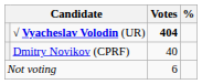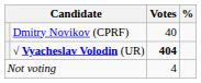 <table class=wikitable>
 <tr>
 <th colspan=2>Candidate</th>
 <th>Votes</th>
 <th>%</th>
 </tr>
 <tr>
 <th style="background-color:"></th>
+<td><a href='#'>Dmitry Novikov</a> (CPRF)</td>
+<td style="text-align:right">40</td>
+<td style="text-align:right"></td>
+</tr>
+<tr>
+<th style="background-color:"></th>
 <td><strong>√ <a href='#'>Vyacheslav Volodin</a></strong> (UR)</td>
 <td style="text-align:right"><strong>404</strong></td>
 <td style="text-align:right"><strong></strong></td>
 </tr>
 <tr>
-<th style="background-color:"></th>
-<td><a href='#'>Dmitry Novikov</a> (CPRF)</td>
-<td style="text-align:right">40</td>
-<td style="text-align:right"></td>
-</tr>
-<tr>
 <td colspan=2 style="text-align:left"><em>Not voting</em></td>
-<td style="text-align:right">6</td>
+<td style="text-align:right">4</td>
 <td style="text-align:right"></td>
 </tr>
 </table>
